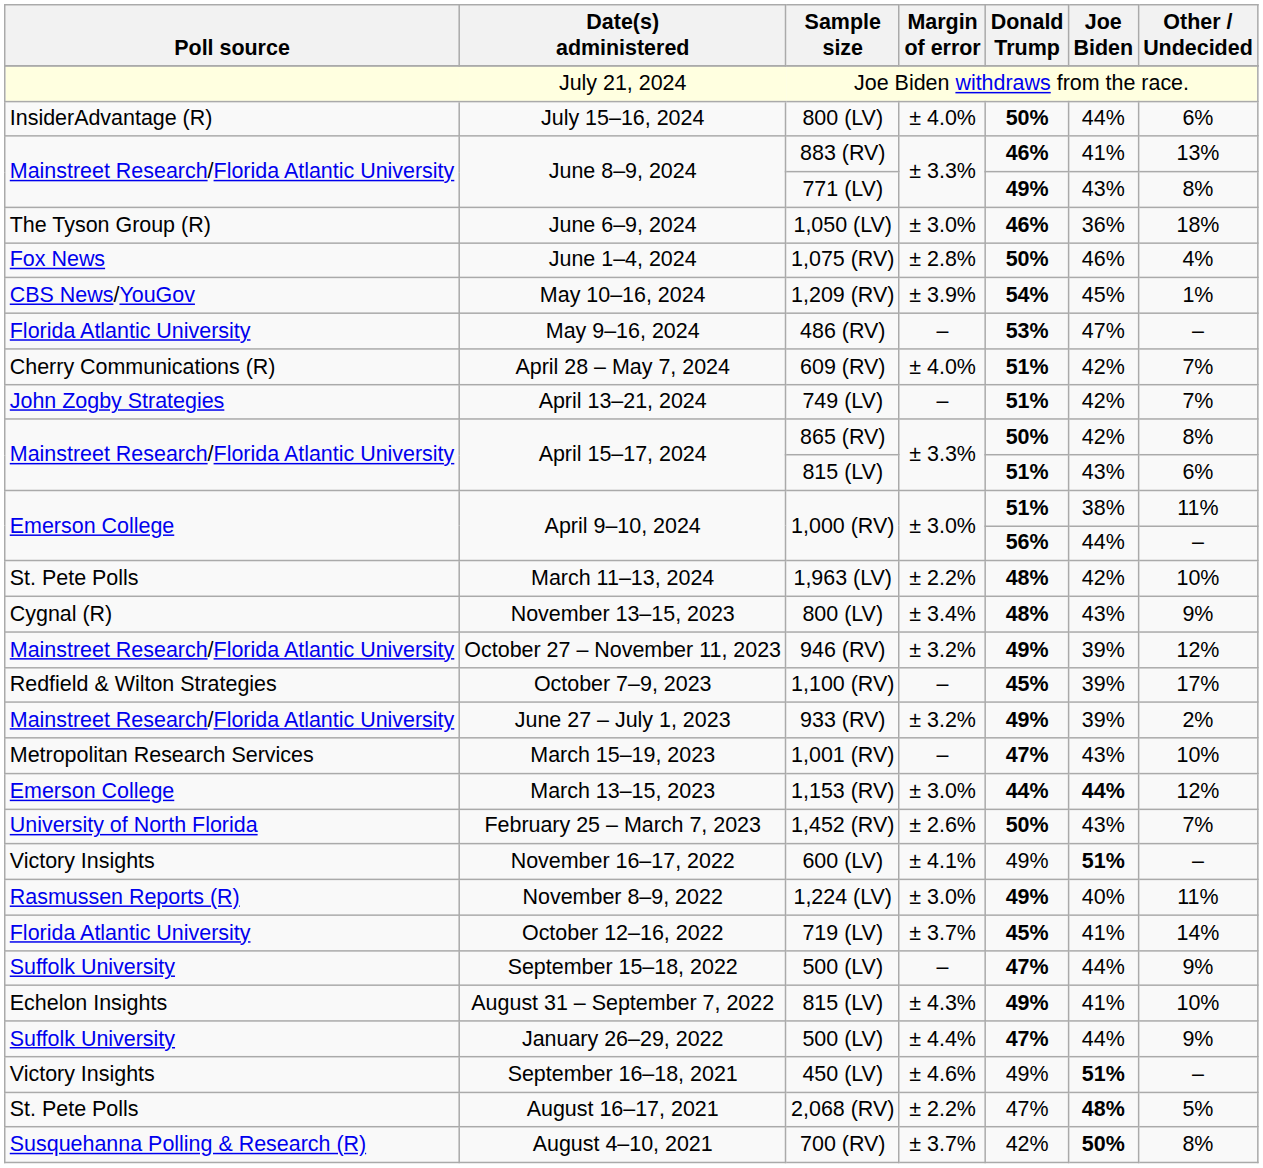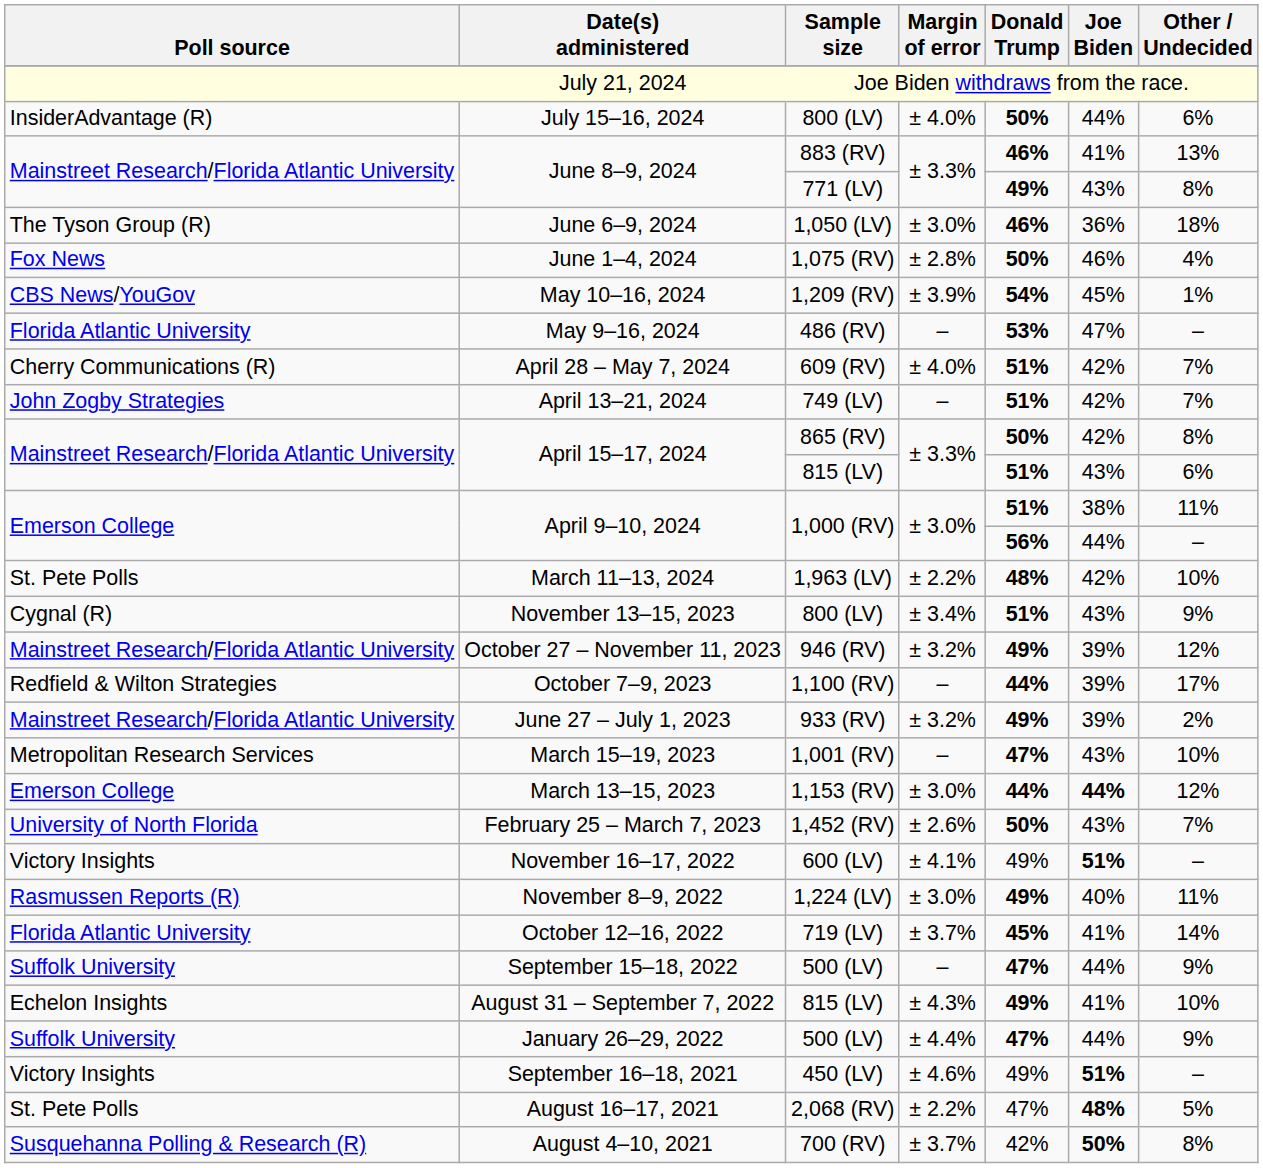 <table class="wikitable sortable mw-datatable" style="font-size:90%;text-align:center;line-height:17px">
 <tr valign=bottom>
 <th>Poll source</th>
 <th>Date(s)<br>administered</th>
 <th>Sample<br>size</th>
 <th>Margin<br>of error</th>
 <th class="unsortable">Donald<br>Trump<br></th>
 <th class="unsortable">Joe<br>Biden<br></th>
 <th class="unsortable">Other /<br>Undecided</th>
 </tr>
 <tr>
 </tr>
 <tr style="background:lightyellow;">
 <td style="border-right-style:hidden;"></td>
 <td style="border-right-style:hidden; " data-sort-value="2024-07-21">July 21, 2024</td>
 <td colspan="5">Joe Biden <a href='#'>withdraws</a> from the race.</td>
 </tr>
 <tr>
 <td style="text-align:left;">InsiderAdvantage (R)</td>
 <td data-sort-value="2024-07-17">July 15–16, 2024</td>
 <td>800 (LV)</td>
 <td>± 4.0%</td>
 <td style="background-color:"><strong>50%</strong></td>
 <td>44%</td>
 <td>6%</td>
 </tr>
 <tr>
 <td style="text-align:left;" rowspan="2"><a href='#'>Mainstreet Research</a>/<a href='#'>Florida Atlantic University</a></td>
 <td rowspan="2">June 8–9, 2024</td>
 <td>883 (RV)</td>
 <td rowspan="2">± 3.3%</td>
 <td style="background-color:"><strong>46%</strong></td>
 <td>41%</td>
 <td>13%</td>
 </tr>
 <tr>
 <td>771 (LV)</td>
 <td style="background-color:"><strong>49%</strong></td>
 <td>43%</td>
 <td>8%</td>
 </tr>
 <tr>
 <td style="text-align:left;">The Tyson Group (R)</td>
 <td data-sort-value="2024-06-11">June 6–9, 2024</td>
 <td>1,050 (LV)</td>
 <td>± 3.0%</td>
 <td style="background-color:"><strong>46%</strong></td>
 <td>36%</td>
 <td>18%</td>
 </tr>
 <tr>
 <td style="text-align:left;"><a href='#'>Fox News</a></td>
 <td data-sort-value="2024-06-06">June 1–4, 2024</td>
 <td>1,075 (RV)</td>
 <td>± 2.8%</td>
 <td style="background-color:"><strong>50%</strong></td>
 <td>46%</td>
 <td>4%</td>
 </tr>
 <tr>
 <td style="text-align:left;"><a href='#'>CBS News</a>/<a href='#'>YouGov</a></td>
 <td data-sort-value="2024-05-19">May 10–16, 2024</td>
 <td>1,209 (RV)</td>
 <td>± 3.9%</td>
 <td style="background-color:"><strong>54%</strong></td>
 <td>45%</td>
 <td>1%</td>
 </tr>
 <tr>
 <td style="text-align:left;"><a href='#'>Florida Atlantic University</a></td>
 <td data-sort-value="2024-05-22">May 9–16, 2024</td>
 <td>486 (RV)</td>
 <td>–</td>
 <td style="background-color:"><strong>53%</strong></td>
 <td>47%</td>
 <td>–</td>
 </tr>
 <tr>
 <td style="text-align:left;">Cherry Communications (R)</td>
 <td data-sort-value=2024-05-10>April 28 – May 7, 2024</td>
 <td>609 (RV)</td>
 <td>± 4.0%</td>
 <td style="background-color:"><strong>51%</strong></td>
 <td>42%</td>
 <td>7%</td>
 </tr>
 <tr>
 <td style="text-align:left;"><a href='#'>John Zogby Strategies</a></td>
 <td data-sort-value="2024-05-01">April 13–21, 2024</td>
 <td>749 (LV)</td>
 <td>–</td>
 <td style="background-color:"><strong>51%</strong></td>
 <td>42%</td>
 <td>7%</td>
 </tr>
 <tr>
 <td style="text-align:left;" rowspan="2"><a href='#'>Mainstreet Research</a>/<a href='#'>Florida Atlantic University</a></td>
 <td rowspan="2">April 15–17, 2024</td>
 <td>865 (RV)</td>
 <td rowspan="2">± 3.3%</td>
 <td style="background-color:"><strong>50%</strong></td>
 <td>42%</td>
 <td>8%</td>
 </tr>
 <tr>
 <td>815 (LV)</td>
 <td style="background-color:"><strong>51%</strong></td>
 <td>43%</td>
 <td>6%</td>
 </tr>
 <tr>
 <td style="text-align:left;" rowspan="2"><a href='#'>Emerson College</a></td>
 <td rowspan="2">April 9–10, 2024</td>
 <td rowspan="2">1,000 (RV)</td>
 <td rowspan="2">± 3.0%</td>
 <td style="background-color:"><strong>51%</strong></td>
 <td>38%</td>
 <td>11%</td>
 </tr>
 <tr>
 <td style="background-color:"><strong>56%</strong></td>
 <td>44%</td>
 <td>–</td>
 </tr>
 <tr>
 <td style="text-align:left;">St. Pete Polls</td>
 <td data-sort-value=2024-03-15>March 11–13, 2024</td>
 <td>1,963 (LV)</td>
 <td>± 2.2%</td>
 <td style="background-color:"><strong>48%</strong></td>
 <td>42%</td>
 <td>10%</td>
 </tr>
 <tr>
 <td style="text-align:left;">Cygnal (R)</td>
 <td data-sort-value=2023-11-20>November 13–15, 2023</td>
 <td>800 (LV)</td>
 <td>± 3.4%</td>
-<td style="background-color:"><strong>48%</strong></td>
+<td style="background-color:"><strong>51%</strong></td>
 <td>43%</td>
 <td>9%</td>
 </tr>
 <tr>
 <td style="text-align:left;"><a href='#'>Mainstreet Research</a>/<a href='#'>Florida Atlantic University</a></td>
 <td data-sort-value=2023-06-27>October 27 – November 11, 2023</td>
 <td>946 (RV)</td>
 <td>± 3.2%</td>
 <td style="background-color:"><strong>49%</strong></td>
 <td>39%</td>
 <td>12%</td>
 </tr>
 <tr>
 <td style="text-align:left;">Redfield & Wilton Strategies</td>
 <td data-sort-value=2023-06-27>October 7–9, 2023</td>
 <td>1,100 (RV)</td>
 <td>–</td>
-<td style="background-color:"><strong>45%</strong></td>
+<td style="background-color:"><strong>44%</strong></td>
 <td>39%</td>
 <td>17%</td>
 </tr>
 <tr>
 <td style="text-align:left;"><a href='#'>Mainstreet Research</a>/<a href='#'>Florida Atlantic University</a></td>
 <td data-sort-value=2023-06-27>June 27 – July 1, 2023</td>
 <td>933 (RV)</td>
 <td>± 3.2%</td>
 <td style="background-color:"><strong>49%</strong></td>
 <td>39%</td>
 <td>2%</td>
 </tr>
 <tr>
 <td style="text-align:left;">Metropolitan Research Services</td>
 <td data-sort-value=2023-03-15>March 15–19, 2023</td>
 <td>1,001 (RV)</td>
 <td>–</td>
 <td style="background-color:"><strong>47%</strong></td>
 <td>43%</td>
 <td>10%</td>
 </tr>
 <tr>
 <td style="text-align:left;"><a href='#'>Emerson College</a></td>
 <td data-sort-value=2023-03-15>March 13–15, 2023</td>
 <td>1,153 (RV)</td>
 <td>± 3.0%</td>
 <td><strong>44%</strong></td>
 <td><strong>44%</strong></td>
 <td>12%</td>
 </tr>
 <tr>
 <td style="text-align:left;"><a href='#'>University of North Florida</a></td>
 <td data-sort-value=2023-03-07>February 25 – March 7, 2023</td>
 <td>1,452 (RV)</td>
 <td>± 2.6%</td>
 <td style="background-color:"><strong>50%</strong></td>
 <td>43%</td>
 <td>7%</td>
 </tr>
 <tr>
 <td style="text-align:left;">Victory Insights</td>
 <td data-sort-value=2022-11-17>November 16–17, 2022</td>
 <td>600 (LV)</td>
 <td>± 4.1%</td>
 <td>49%</td>
 <td style="color:black;background-color:"><strong>51%</strong></td>
 <td>–</td>
 </tr>
 <tr>
 <td style="text-align:left;"><a href='#'>Rasmussen Reports (R)</a></td>
 <td data-sort-value=2022-11-09>November 8–9, 2022</td>
 <td>1,224 (LV)</td>
 <td>± 3.0%</td>
 <td style="background-color:"><strong>49%</strong></td>
 <td>40%</td>
 <td>11%</td>
 </tr>
 <tr>
 <td style="text-align:left;"><a href='#'>Florida Atlantic University</a></td>
 <td data-sort-value=2022-10-16>October 12–16, 2022</td>
 <td>719 (LV)</td>
 <td>± 3.7%</td>
 <td style="background-color:"><strong>45%</strong></td>
 <td>41%</td>
 <td>14%</td>
 </tr>
 <tr>
 <td style="text-align:left;"><a href='#'>Suffolk University</a></td>
 <td data-sort-value=2022-09-18>September 15–18, 2022</td>
 <td>500 (LV)</td>
 <td>–</td>
 <td style="background-color:"><strong>47%</strong></td>
 <td>44%</td>
 <td>9%</td>
 </tr>
 <tr>
 <td style="text-align:left;">Echelon Insights</td>
 <td data-sort-value=2022-09-07>August 31 – September 7, 2022</td>
 <td>815 (LV)</td>
 <td>± 4.3%</td>
 <td style="background-color:"><strong>49%</strong></td>
 <td>41%</td>
 <td>10%</td>
 </tr>
 <tr>
 <td style="text-align:left;"><a href='#'>Suffolk University</a></td>
 <td data-sort-value=2022-01-29>January 26–29, 2022</td>
 <td>500 (LV)</td>
 <td>± 4.4%</td>
 <td style="background-color:"><strong>47%</strong></td>
 <td>44%</td>
 <td>9%</td>
 </tr>
 <tr>
 <td style="text-align:left;">Victory Insights</td>
 <td data-sort-value=2021-09-18>September 16–18, 2021</td>
 <td>450 (LV)</td>
 <td>± 4.6%</td>
 <td>49%</td>
 <td style="color:black;background-color:"><strong>51%</strong></td>
 <td>–</td>
 </tr>
 <tr>
 <td style="text-align:left;">St. Pete Polls</td>
 <td data-sort-value=2021-08-17>August 16–17, 2021</td>
 <td>2,068 (RV)</td>
 <td>± 2.2%</td>
 <td>47%</td>
 <td style="color:black;background-color:"><strong>48%</strong></td>
 <td>5%</td>
 </tr>
 <tr>
 <td style="text-align:left;"><a href='#'>Susquehanna Polling & Research (R)</a></td>
 <td data-sort-value=2021-08-10>August 4–10, 2021</td>
 <td>700 (RV)</td>
 <td>± 3.7%</td>
 <td>42%</td>
 <td style="color:black;background-color:"><strong>50%</strong></td>
 <td>8%</td>
 </tr>
 </table>
